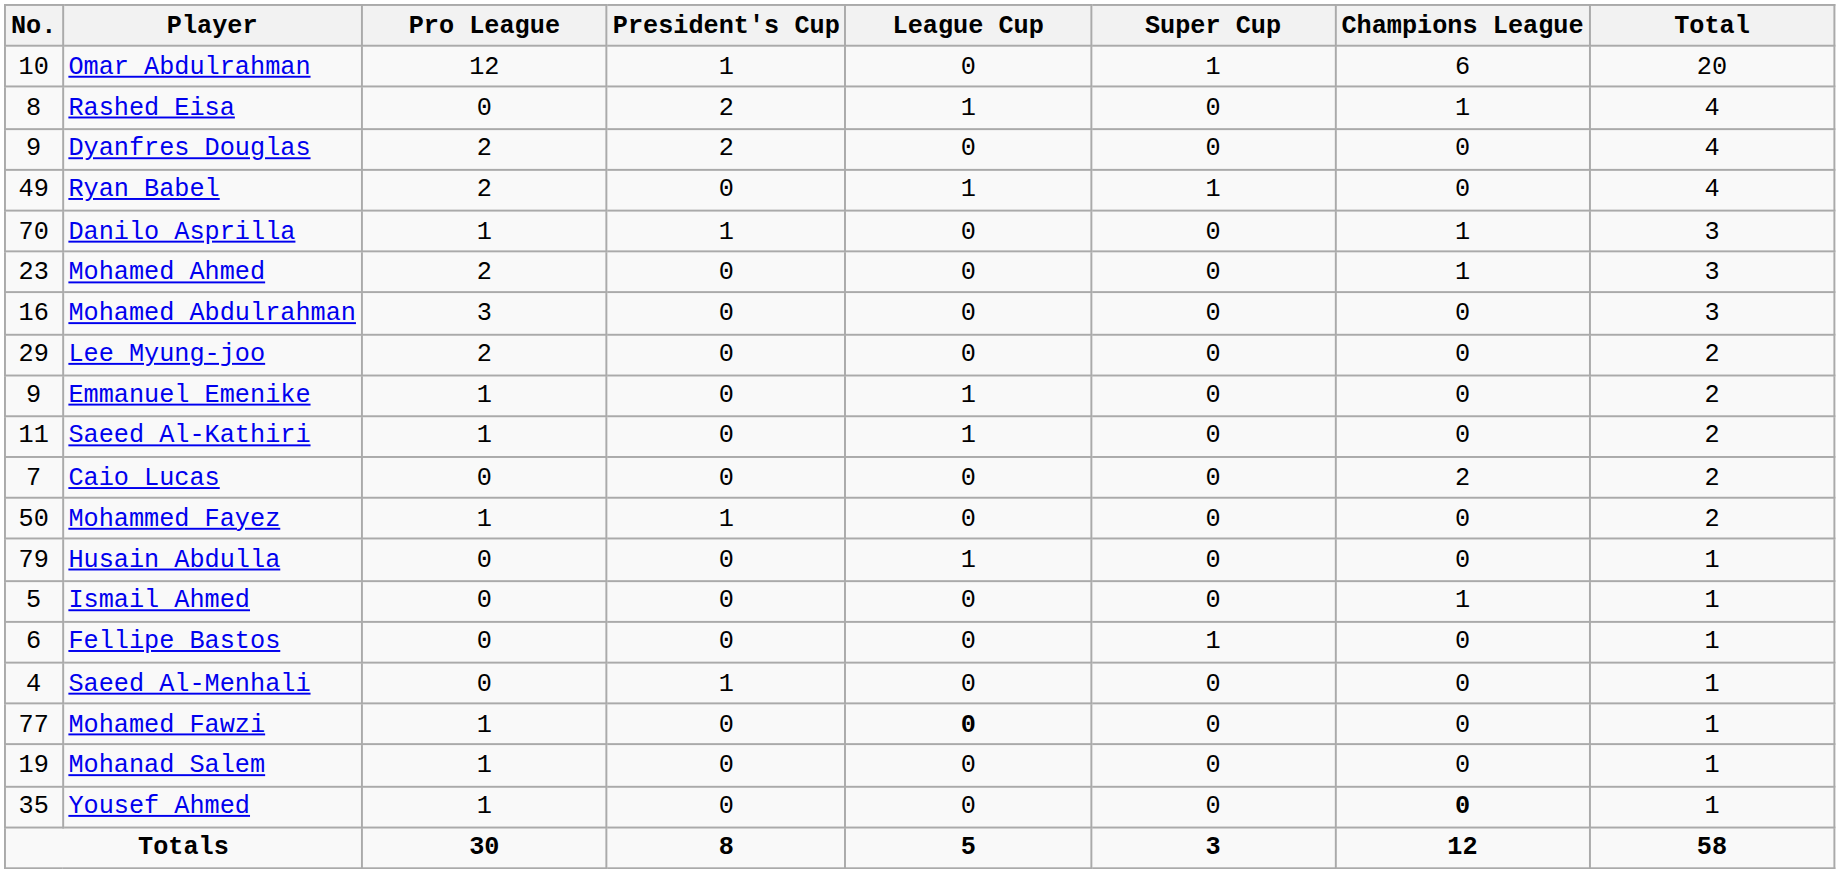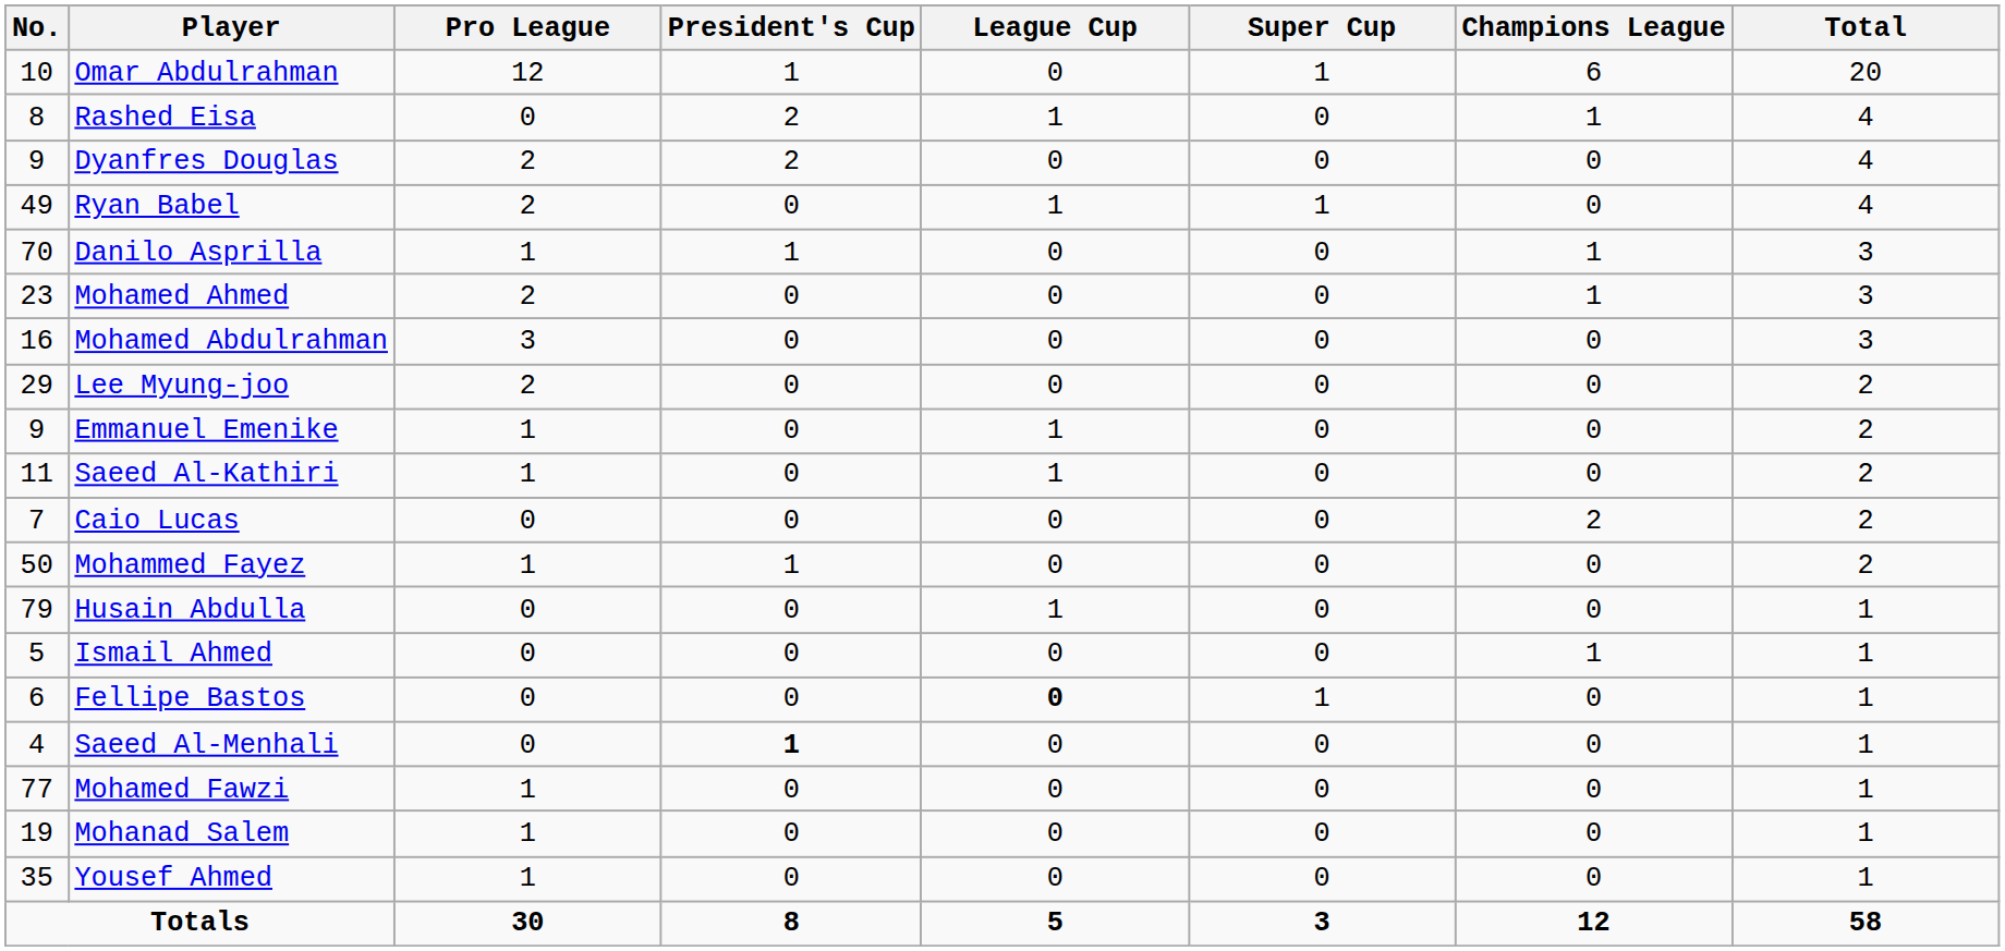 <table class=wikitable>
 <tr>
 <th>No.</th>
 <th>Player</th>
 <th width=120>Pro League</th>
 <th>President's Cup</th>
 <th width=120>League Cup</th>
 <th width=120>Super Cup</th>
 <th>Champions League</th>
 <th width=120>Total</th>
 </tr>
 <tr>
 <td align="center">10</td>
 <td align=left> <a href='#'>Omar Abdulrahman</a></td>
 <td align="center">12</td>
 <td align="center">1</td>
 <td align="center">0</td>
 <td align="center">1</td>
 <td align="center">6</td>
 <td align="center">20</td>
 </tr>
 <tr>
 <td align="center">8</td>
 <td align=left> <a href='#'>Rashed Eisa</a></td>
 <td align="center">0</td>
 <td align="center">2</td>
 <td align="center">1</td>
 <td align="center">0</td>
 <td align="center">1</td>
 <td align="center">4</td>
 </tr>
 <tr>
 <td align="center">9</td>
 <td align=left> <a href='#'>Dyanfres Douglas</a></td>
 <td align="center">2</td>
 <td align="center">2</td>
 <td align="center">0</td>
 <td align="center">0</td>
 <td align="center">0</td>
 <td align="center">4</td>
 </tr>
 <tr>
 <td align="center">49</td>
 <td align=left> <a href='#'>Ryan Babel</a></td>
 <td align="center">2</td>
 <td align="center">0</td>
 <td align="center">1</td>
 <td align="center">1</td>
 <td align="center">0</td>
 <td align="center">4</td>
 </tr>
 <tr>
 <td align="center">70</td>
 <td align=left> <a href='#'>Danilo Asprilla</a></td>
 <td align="center">1</td>
 <td align="center">1</td>
 <td align="center">0</td>
 <td align="center">0</td>
 <td align="center">1</td>
 <td align="center">3</td>
 </tr>
 <tr>
 <td align="center">23</td>
 <td align=left> <a href='#'>Mohamed Ahmed</a></td>
 <td align="center">2</td>
 <td align="center">0</td>
 <td align="center">0</td>
 <td align="center">0</td>
 <td align="center">1</td>
 <td align="center">3</td>
 </tr>
 <tr>
 <td align="center">16</td>
 <td align=left> <a href='#'>Mohamed Abdulrahman</a></td>
 <td align="center">3</td>
 <td align="center">0</td>
 <td align="center">0</td>
 <td align="center">0</td>
 <td align="center">0</td>
 <td align="center">3</td>
 </tr>
 <tr>
 <td align="center">29</td>
 <td align=left> <a href='#'>Lee Myung-joo</a></td>
 <td align="center">2</td>
 <td align="center">0</td>
 <td align="center">0</td>
 <td align="center">0</td>
 <td align="center">0</td>
 <td align="center">2</td>
 </tr>
 <tr>
 <td align="center">9</td>
 <td align=left> <a href='#'>Emmanuel Emenike</a></td>
 <td align="center">1</td>
 <td align="center">0</td>
 <td align="center">1</td>
 <td align="center">0</td>
 <td align="center">0</td>
 <td align="center">2</td>
 </tr>
 <tr>
 <td align="center">11</td>
 <td align=left> <a href='#'>Saeed Al-Kathiri</a></td>
 <td align="center">1</td>
 <td align="center">0</td>
 <td align="center">1</td>
 <td align="center">0</td>
 <td align="center">0</td>
 <td align="center">2</td>
 </tr>
 <tr>
 <td align="center">7</td>
 <td align=left> <a href='#'>Caio Lucas</a></td>
 <td align="center">0</td>
 <td align="center">0</td>
 <td align="center">0</td>
 <td align="center">0</td>
 <td align="center">2</td>
 <td align="center">2</td>
 </tr>
 <tr>
 <td align="center">50</td>
 <td align=left> <a href='#'>Mohammed Fayez</a></td>
 <td align="center">1</td>
 <td align="center">1</td>
 <td align="center">0</td>
 <td align="center">0</td>
 <td align="center">0</td>
 <td align="center">2</td>
 </tr>
 <tr>
 <td align="center">79</td>
 <td align=left> <a href='#'>Husain Abdulla</a></td>
 <td align="center">0</td>
 <td align="center">0</td>
 <td align="center">1</td>
 <td align="center">0</td>
 <td align="center">0</td>
 <td align="center">1</td>
 </tr>
 <tr>
 <td align="center">5</td>
 <td align=left> <a href='#'>Ismail Ahmed</a></td>
 <td align="center">0</td>
 <td align="center">0</td>
 <td align="center">0</td>
 <td align="center">0</td>
 <td align="center">1</td>
 <td align="center">1</td>
 </tr>
 <tr>
 <td align="center">6</td>
 <td align=left> <a href='#'>Fellipe Bastos</a></td>
 <td align="center">0</td>
 <td align="center">0</td>
-<td align="center">0</td>
+<td align="center"><strong>0</strong></td>
 <td align="center">1</td>
 <td align="center">0</td>
 <td align="center">1</td>
 </tr>
 <tr>
 <td align="center">4</td>
 <td align=left> <a href='#'>Saeed Al-Menhali</a></td>
 <td align="center">0</td>
-<td align="center">1</td>
+<td align="center"><strong>1</strong></td>
 <td align="center">0</td>
 <td align="center">0</td>
 <td align="center">0</td>
 <td align="center">1</td>
 </tr>
 <tr>
 <td align="center">77</td>
 <td align=left> <a href='#'>Mohamed Fawzi</a></td>
 <td align="center">1</td>
 <td align="center">0</td>
-<td align="center"><strong>0</strong></td>
+<td align="center">0</td>
 <td align="center">0</td>
 <td align="center">0</td>
 <td align="center">1</td>
 </tr>
 <tr>
 <td align="center">19</td>
 <td align=left> <a href='#'>Mohanad Salem</a></td>
 <td align="center">1</td>
 <td align="center">0</td>
 <td align="center">0</td>
 <td align="center">0</td>
 <td align="center">0</td>
 <td align="center">1</td>
 </tr>
 <tr>
 <td align="center">35</td>
 <td align=left> <a href='#'>Yousef Ahmed</a></td>
 <td align="center">1</td>
 <td align="center">0</td>
 <td align="center">0</td>
 <td align="center">0</td>
-<td align="center"><strong>0</strong></td>
+<td align="center">0</td>
 <td align="center">1</td>
 </tr>
 <tr class="sortbottom">
 <td colspan="2" align="center"><strong>Totals</strong></td>
 <td align="center"><strong>30</strong></td>
 <td align="center"><strong>8</strong></td>
 <td align="center"><strong>5</strong></td>
 <td align="center"><strong>3</strong></td>
 <td align="center"><strong>12</strong></td>
 <td align="center"><strong>58</strong></td>
 </tr>
 </table>
